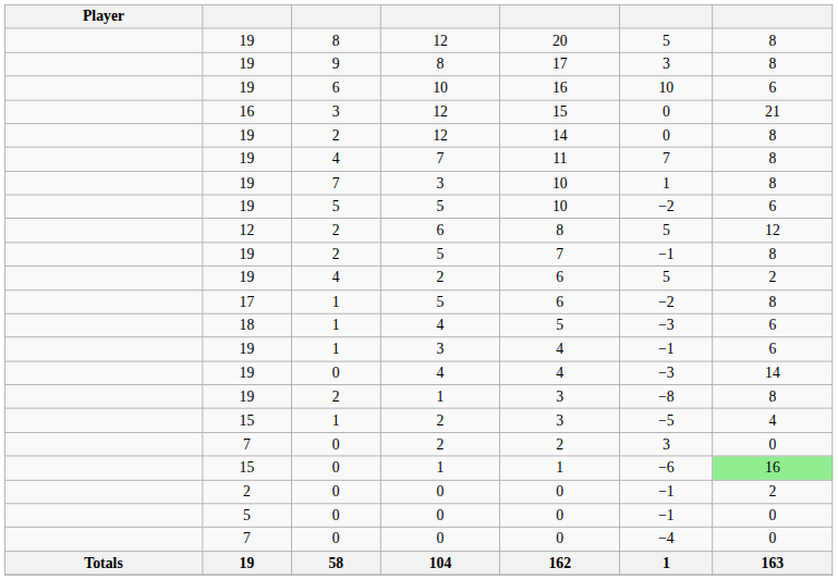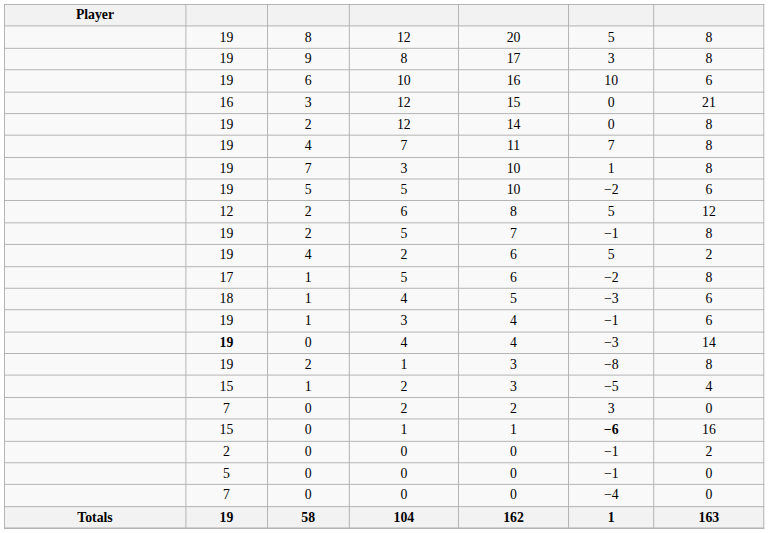 <table class="wikitable sortable" style="width:100%;">
 <tr align=center>
 <th>Player</th>
 <th></th>
 <th></th>
 <th></th>
 <th></th>
 <th data-sort-type="number"></th>
 <th></th>
 </tr>
 <tr align=center>
 <td></td>
 <td>19</td>
 <td>8</td>
 <td>12</td>
 <td>20</td>
 <td>5</td>
 <td>8</td>
 </tr>
 <tr align=center>
 <td></td>
 <td>19</td>
 <td>9</td>
 <td>8</td>
 <td>17</td>
 <td>3</td>
 <td>8</td>
 </tr>
 <tr align=center>
 <td></td>
 <td>19</td>
 <td>6</td>
 <td>10</td>
 <td>16</td>
 <td>10</td>
 <td>6</td>
 </tr>
 <tr align=center>
 <td></td>
 <td>16</td>
 <td>3</td>
 <td>12</td>
 <td>15</td>
 <td>0</td>
 <td>21</td>
 </tr>
 <tr align=center>
 <td></td>
 <td>19</td>
 <td>2</td>
 <td>12</td>
 <td>14</td>
 <td>0</td>
 <td>8</td>
 </tr>
 <tr align=center>
 <td></td>
 <td>19</td>
 <td>4</td>
 <td>7</td>
 <td>11</td>
 <td>7</td>
 <td>8</td>
 </tr>
 <tr align=center>
 <td></td>
 <td>19</td>
 <td>7</td>
 <td>3</td>
 <td>10</td>
 <td>1</td>
 <td>8</td>
 </tr>
 <tr align=center>
 <td></td>
 <td>19</td>
 <td>5</td>
 <td>5</td>
 <td>10</td>
 <td>−2</td>
 <td>6</td>
 </tr>
 <tr align=center>
 <td></td>
 <td>12</td>
 <td>2</td>
 <td>6</td>
 <td>8</td>
 <td>5</td>
 <td>12</td>
 </tr>
 <tr align=center>
 <td></td>
 <td>19</td>
 <td>2</td>
 <td>5</td>
 <td>7</td>
 <td>−1</td>
 <td>8</td>
 </tr>
 <tr align=center>
 <td></td>
 <td>19</td>
 <td>4</td>
 <td>2</td>
 <td>6</td>
 <td>5</td>
 <td>2</td>
 </tr>
 <tr align=center>
 <td></td>
 <td>17</td>
 <td>1</td>
 <td>5</td>
 <td>6</td>
 <td>−2</td>
 <td>8</td>
 </tr>
 <tr align=center>
 <td></td>
 <td>18</td>
 <td>1</td>
 <td>4</td>
 <td>5</td>
 <td>−3</td>
 <td>6</td>
 </tr>
 <tr align=center>
 <td></td>
 <td>19</td>
 <td>1</td>
 <td>3</td>
 <td>4</td>
 <td>−1</td>
 <td>6</td>
 </tr>
 <tr align=center>
 <td></td>
-<td>19</td>
+<td><strong>19</strong></td>
 <td>0</td>
 <td>4</td>
 <td>4</td>
 <td>−3</td>
 <td>14</td>
 </tr>
 <tr align=center>
 <td></td>
 <td>19</td>
 <td>2</td>
 <td>1</td>
 <td>3</td>
 <td>−8</td>
 <td>8</td>
 </tr>
 <tr align=center>
 <td></td>
 <td>15</td>
 <td>1</td>
 <td>2</td>
 <td>3</td>
 <td>−5</td>
 <td>4</td>
 </tr>
 <tr align=center>
 <td></td>
 <td>7</td>
 <td>0</td>
 <td>2</td>
 <td>2</td>
 <td>3</td>
 <td>0</td>
 </tr>
 <tr align=center>
 <td></td>
 <td>15</td>
 <td>0</td>
 <td>1</td>
 <td>1</td>
-<td>−6</td>
-<td style="background: lightgreen;">16</td>
+<td><strong>−6</strong></td>
+<td>16</td>
 </tr>
 <tr align=center>
 <td></td>
 <td>2</td>
 <td>0</td>
 <td>0</td>
 <td>0</td>
 <td>−1</td>
 <td>2</td>
 </tr>
 <tr align=center>
 <td></td>
 <td>5</td>
 <td>0</td>
 <td>0</td>
 <td>0</td>
 <td>−1</td>
 <td>0</td>
 </tr>
 <tr align=center>
 <td></td>
 <td>7</td>
 <td>0</td>
 <td>0</td>
 <td>0</td>
 <td>−4</td>
 <td>0</td>
 </tr>
 <tr class="unsortable">
 <th>Totals</th>
 <th>19</th>
 <th>58</th>
 <th>104</th>
 <th>162</th>
 <th>1</th>
 <th>163</th>
 </tr>
 <tr>
 </tr>
 </table>
